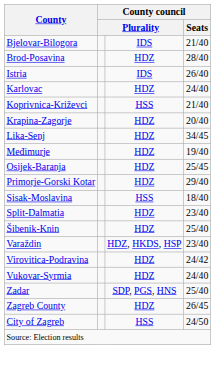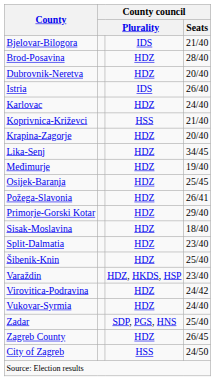 <table class="wikitable">
 <tr>
 <th rowspan="2"><a href='#'>County</a></th>
 <th colspan="3">County council</th>
 </tr>
 <tr>
 <th colspan="2"><a href='#'>Plurality</a></th>
 <th>Seats</th>
 </tr>
 <tr>
 <td><a href='#'>Bjelovar-Bilogora</a></td>
 <td width="5px" style="background-color:"></td>
 <td style="text-align:center;"><a href='#'>IDS</a></td>
 <td style="text-align:center;">21/40</td>
 </tr>
 <tr>
 <td><a href='#'>Brod-Posavina</a></td>
 <td width="5px" style="background-color:"></td>
 <td style="text-align:center;"><a href='#'>HDZ</a></td>
 <td style="text-align:center;">28/40</td>
+</tr>
+<tr>
+<td><a href='#'>Dubrovnik-Neretva</a></td>
+<td width="5px" style="background-color:"></td>
+<td style="text-align:center;"><a href='#'>HDZ</a></td>
+<td style="text-align:center;">20/40</td>
 </tr>
 <tr>
 <td><a href='#'>Istria</a></td>
 <td width="5px" style="background-color:"></td>
 <td style="text-align:center;"><a href='#'>IDS</a></td>
 <td style="text-align:center;">26/40</td>
 </tr>
 <tr>
 <td><a href='#'>Karlovac</a></td>
 <td width="5px" style="background-color:"></td>
 <td style="text-align:center;"><a href='#'>HDZ</a></td>
 <td style="text-align:center;">24/40</td>
 </tr>
 <tr>
 <td><a href='#'>Koprivnica-Križevci</a></td>
 <td width="5px" style="background-color:"></td>
 <td style="text-align:center;"><a href='#'>HSS</a></td>
 <td style="text-align:center;">21/40</td>
 </tr>
 <tr>
 <td><a href='#'>Krapina-Zagorje</a></td>
 <td width="5px" style="background-color:"></td>
 <td style="text-align:center;"><a href='#'>HDZ</a></td>
 <td style="text-align:center;">20/40</td>
 </tr>
 <tr>
 <td><a href='#'>Lika-Senj</a></td>
 <td width="5px" style="background-color:"></td>
 <td style="text-align:center;"><a href='#'>HDZ</a></td>
 <td style="text-align:center;">34/45</td>
 </tr>
 <tr>
 <td><a href='#'>Međimurje</a></td>
 <td width="5px" style="background-color:"></td>
 <td style="text-align:center;"><a href='#'>HDZ</a></td>
 <td style="text-align:center;">19/40</td>
 </tr>
 <tr>
 <td><a href='#'>Osijek-Baranja</a></td>
 <td width="5px" style="background-color:"></td>
 <td style="text-align:center;"><a href='#'>HDZ</a></td>
 <td style="text-align:center;">25/45</td>
 </tr>
 <tr>
+<td><a href='#'>Požega-Slavonia</a></td>
+<td width="5px" style="background-color:"></td>
+<td style="text-align:center;"><a href='#'>HDZ</a></td>
+<td style="text-align:center;">26/41</td>
+</tr>
+<tr>
 <td><a href='#'>Primorje-Gorski Kotar</a></td>
 <td width="5px" style="background-color:"></td>
 <td style="text-align:center;"><a href='#'>HDZ</a></td>
 <td style="text-align:center;">29/40</td>
 </tr>
 <tr>
 <td><a href='#'>Sisak-Moslavina</a></td>
 <td width="5px" style="background-color:"></td>
-<td style="text-align:center;"><a href='#'>HSS</a></td>
+<td style="text-align:center;"><a href='#'>HDZ</a></td>
 <td style="text-align:center;">18/40</td>
 </tr>
 <tr>
 <td><a href='#'>Split-Dalmatia</a></td>
 <td width="5px" style="background-color:"></td>
 <td style="text-align:center;"><a href='#'>HDZ</a></td>
 <td style="text-align:center;">23/40</td>
 </tr>
 <tr>
 <td><a href='#'>Šibenik-Knin</a></td>
 <td width="5px" style="background-color:"></td>
 <td style="text-align:center;"><a href='#'>HDZ</a></td>
 <td style="text-align:center;">25/40</td>
 </tr>
 <tr>
 <td><a href='#'>Varaždin</a></td>
 <td width="5px" style="background-color:"></td>
 <td style="text-align:center;"><a href='#'>HDZ</a>, <a href='#'>HKDS</a>, <a href='#'>HSP</a></td>
 <td style="text-align:center;">23/40</td>
 </tr>
 <tr>
 <td><a href='#'>Virovitica-Podravina</a></td>
 <td width="5px" style="background-color:"></td>
 <td style="text-align:center;"><a href='#'>HDZ</a></td>
 <td style="text-align:center;">24/42</td>
 </tr>
 <tr>
 <td><a href='#'>Vukovar-Syrmia</a></td>
 <td width="5px" style="background-color:"></td>
 <td style="text-align:center;"><a href='#'>HDZ</a></td>
 <td style="text-align:center;">24/40</td>
 </tr>
 <tr>
 <td><a href='#'>Zadar</a></td>
 <td width="5px" style="background-color:"></td>
 <td style="text-align:center;"><a href='#'>SDP</a>, <a href='#'>PGS</a>, <a href='#'>HNS</a></td>
 <td style="text-align:center;">25/40</td>
 </tr>
 <tr>
 <td><a href='#'>Zagreb County</a></td>
 <td width="5px" style="background-color:"></td>
 <td style="text-align:center;"><a href='#'>HDZ</a></td>
 <td style="text-align:center;">26/45</td>
 </tr>
 <tr>
 <td><a href='#'>City of Zagreb</a></td>
 <td width="5px" style="background-color:"></td>
 <td style="text-align:center;"><a href='#'>HSS</a></td>
 <td style="text-align:center;">24/50</td>
 </tr>
 <tr>
 <td colspan="4"><small>Source: Election results</small></td>
 </tr>
 </table>
